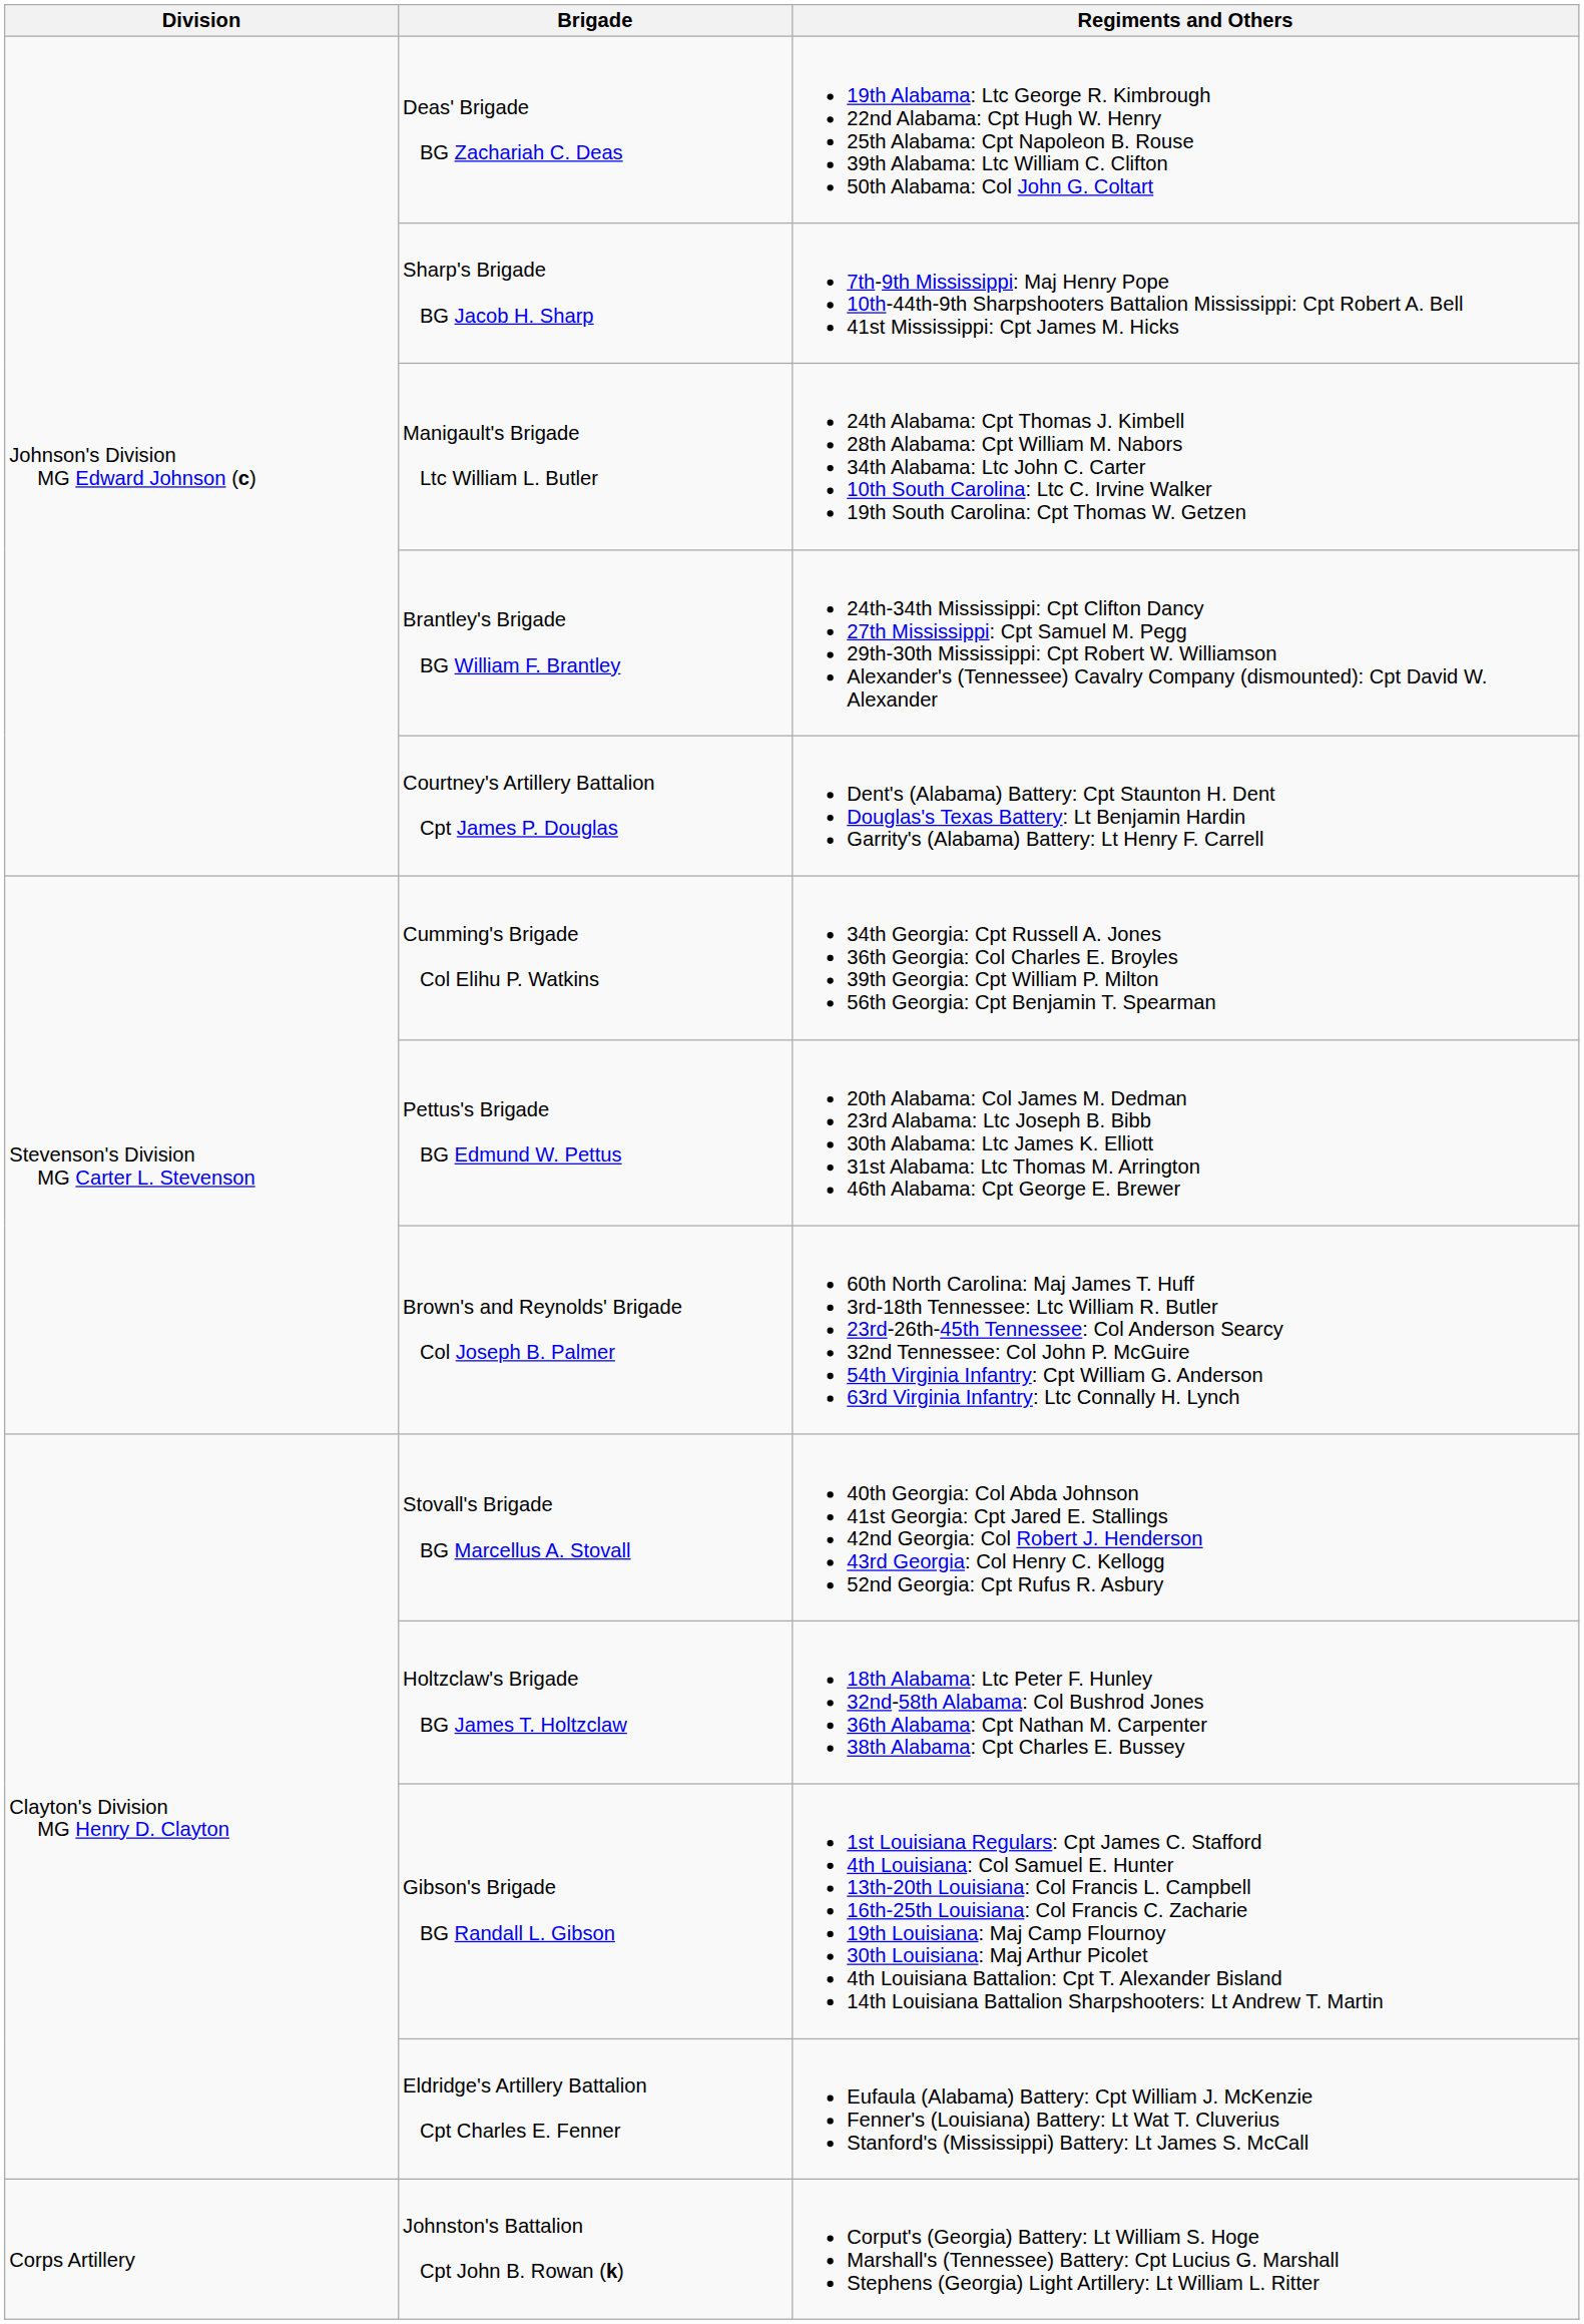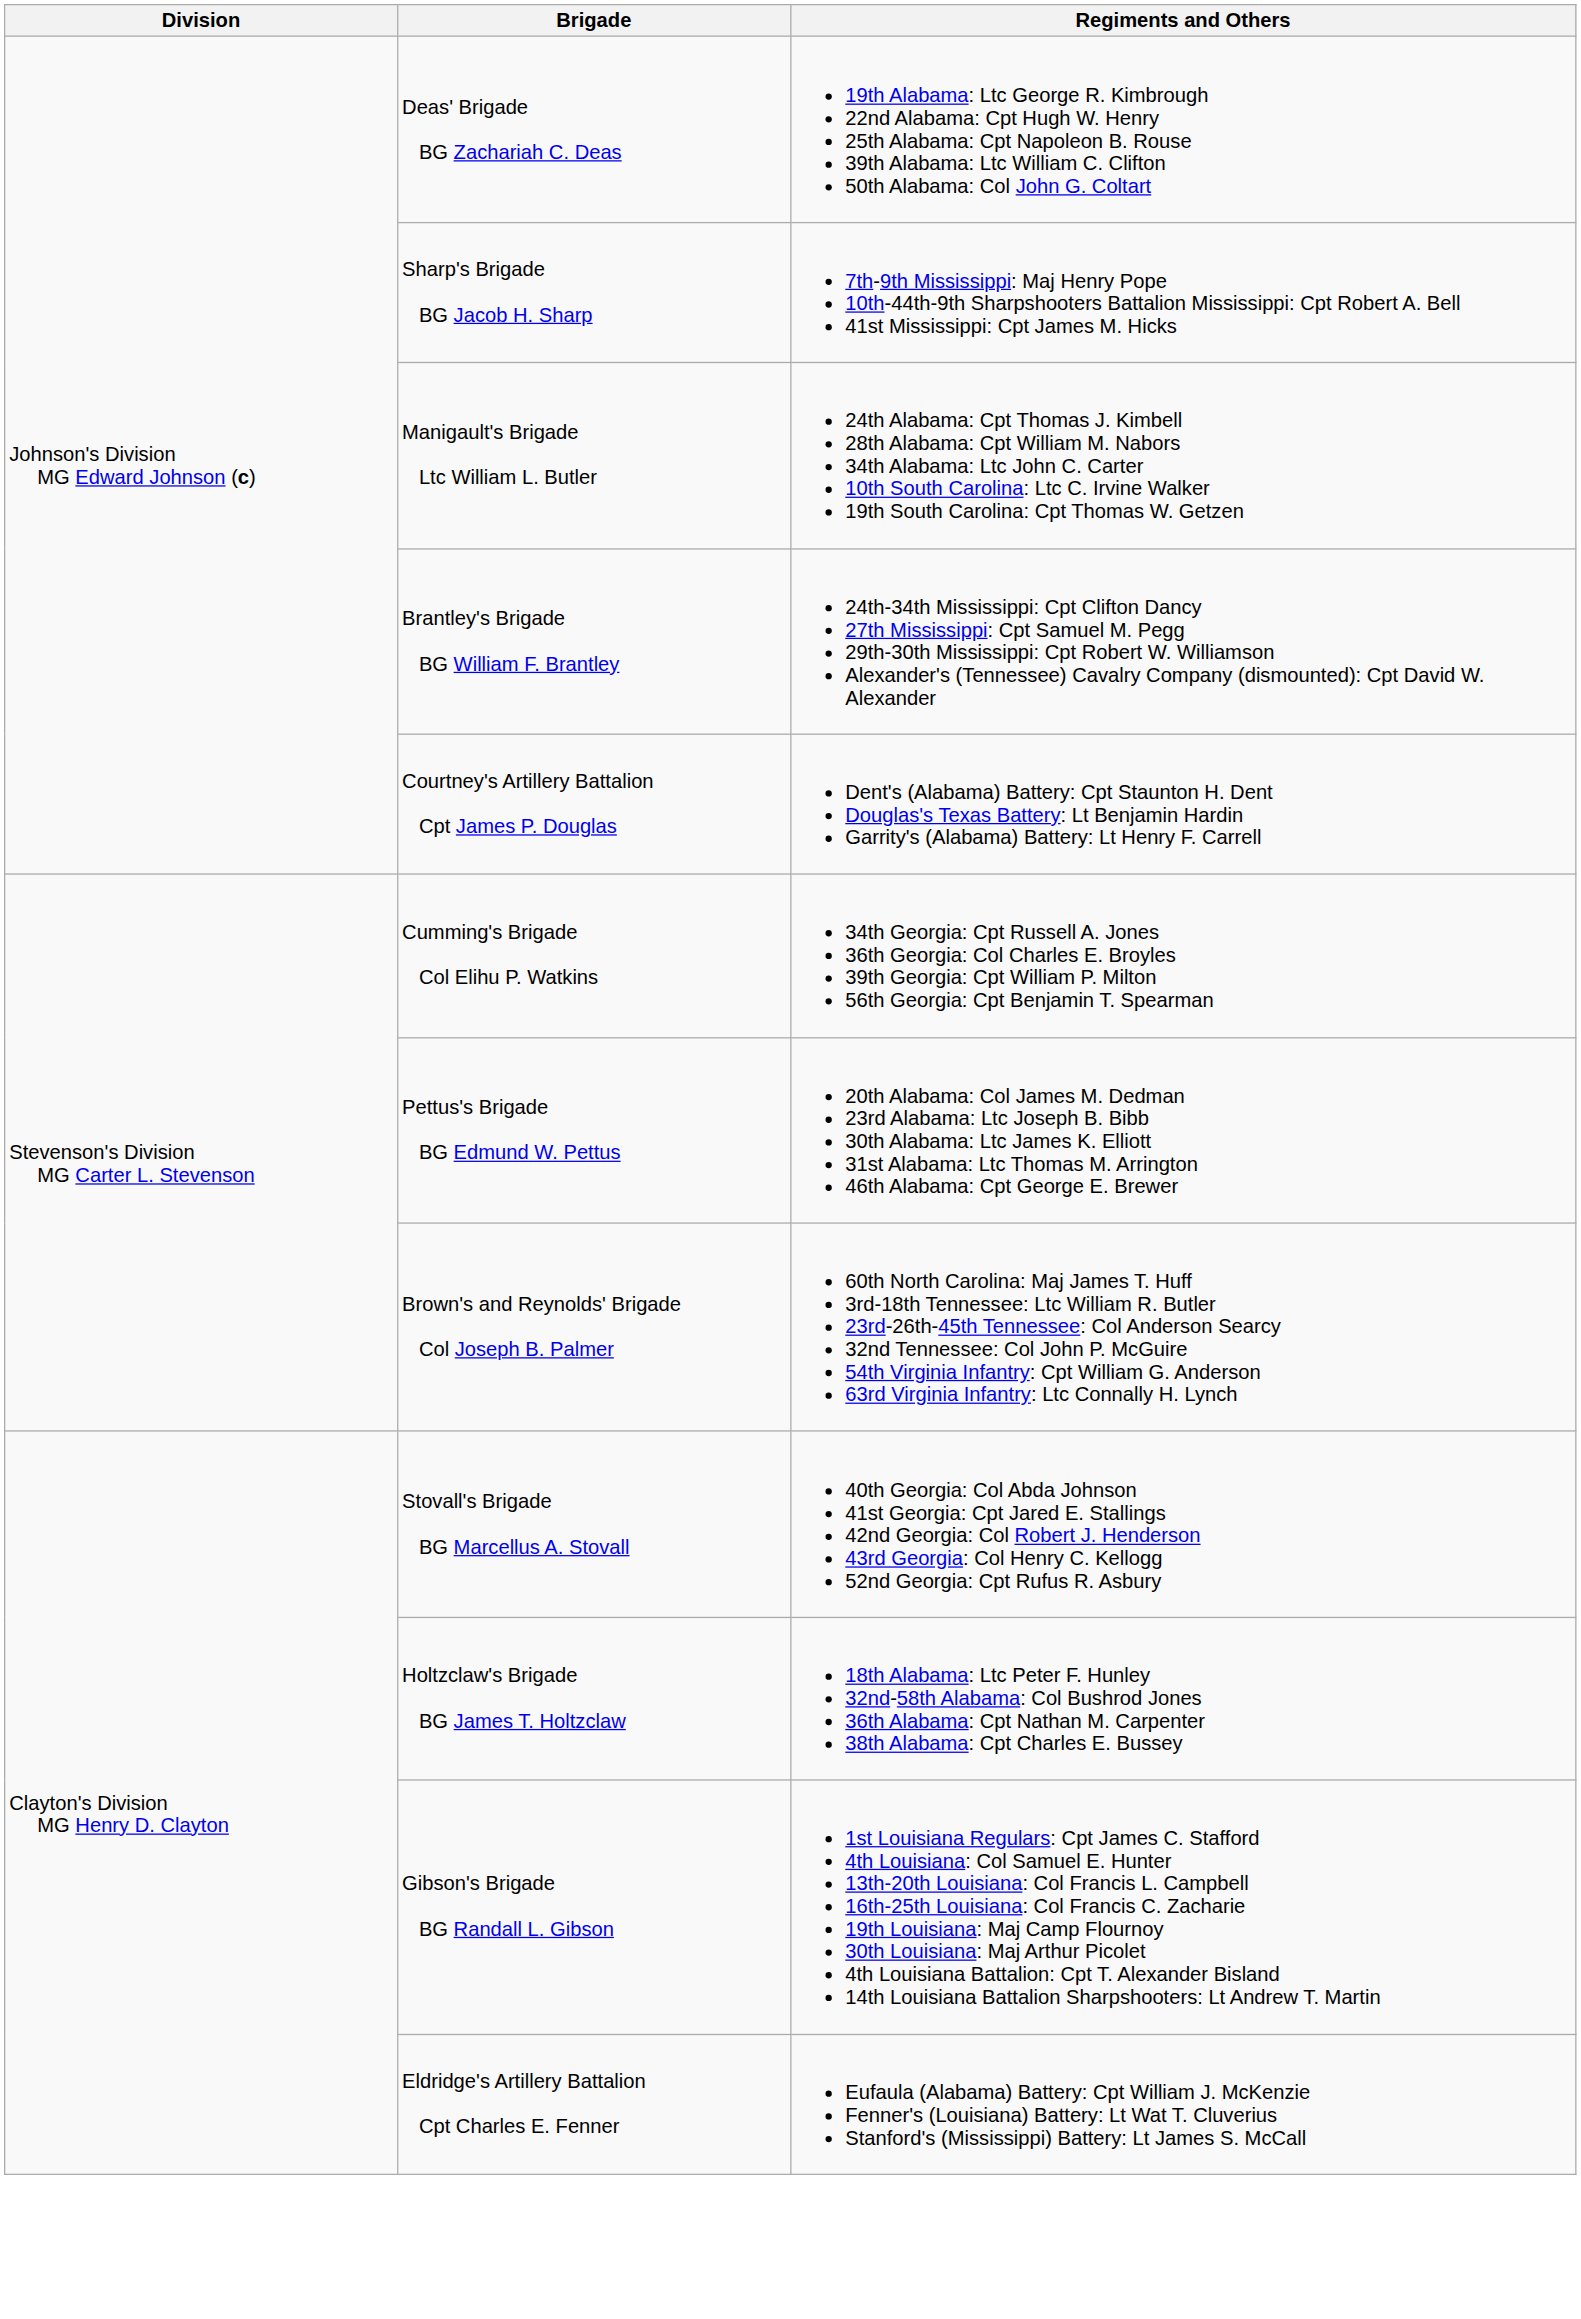 <table class="wikitable">
 <tr>
 <th width=25%>Division</th>
 <th width=25%>Brigade</th>
 <th>Regiments and Others</th>
 </tr>
 <tr>
 <td rowspan=5><br>Johnson's Division <br>     MG <a href='#'>Edward Johnson</a> (<strong>c</strong>)</td>
 <td>Deas' Brigade<br><br>   BG <a href='#'>Zachariah C. Deas</a></td>
 <td><br><ul><li><a href='#'>19th Alabama</a>: Ltc George R. Kimbrough</li><li>22nd Alabama: Cpt Hugh W. Henry</li><li>25th Alabama: Cpt Napoleon B. Rouse</li><li>39th Alabama: Ltc William C. Clifton</li><li>50th Alabama: Col <a href='#'>John G. Coltart</a></li></ul></td>
 </tr>
 <tr>
 <td>Sharp's Brigade<br><br>   BG <a href='#'>Jacob H. Sharp</a></td>
 <td><br><ul><li><a href='#'>7th</a>-<a href='#'>9th Mississippi</a>: Maj Henry Pope</li><li><a href='#'>10th</a>-44th-9th Sharpshooters Battalion Mississippi: Cpt Robert A. Bell</li><li>41st Mississippi: Cpt James M. Hicks</li></ul></td>
 </tr>
 <tr>
 <td>Manigault's Brigade<br><br>   Ltc William L. Butler</td>
 <td><br><ul><li>24th Alabama: Cpt Thomas J. Kimbell</li><li>28th Alabama: Cpt William M. Nabors</li><li>34th Alabama: Ltc John C. Carter</li><li><a href='#'>10th South Carolina</a>: Ltc C. Irvine Walker</li><li>19th South Carolina: Cpt Thomas W. Getzen</li></ul></td>
 </tr>
 <tr>
 <td>Brantley's Brigade<br><br>   BG <a href='#'>William F. Brantley</a></td>
 <td><br><ul><li>24th-34th Mississippi: Cpt Clifton Dancy</li><li><a href='#'>27th Mississippi</a>: Cpt Samuel M. Pegg</li><li>29th-30th Mississippi: Cpt Robert W. Williamson</li><li>Alexander's (Tennessee) Cavalry Company (dismounted): Cpt David W. Alexander</li></ul></td>
 </tr>
 <tr>
 <td>Courtney's Artillery Battalion<br><br>   Cpt <a href='#'>James P. Douglas</a></td>
 <td><br><ul><li>Dent's (Alabama) Battery: Cpt Staunton H. Dent</li><li><a href='#'>Douglas's Texas Battery</a>: Lt Benjamin Hardin</li><li>Garrity's (Alabama) Battery: Lt Henry F. Carrell</li></ul></td>
 </tr>
 <tr>
 <td rowspan=3><br>Stevenson's Division <br>     MG <a href='#'>Carter L. Stevenson</a></td>
 <td>Cumming's Brigade<br><br>   Col Elihu P. Watkins</td>
 <td><br><ul><li>34th Georgia: Cpt Russell A. Jones</li><li>36th Georgia: Col Charles E. Broyles</li><li>39th Georgia: Cpt William P. Milton</li><li>56th Georgia: Cpt Benjamin T. Spearman</li></ul></td>
 </tr>
 <tr>
 <td>Pettus's Brigade<br><br>   BG <a href='#'>Edmund W. Pettus</a></td>
 <td><br><ul><li>20th Alabama: Col James M. Dedman</li><li>23rd Alabama: Ltc Joseph B. Bibb</li><li>30th Alabama: Ltc James K. Elliott</li><li>31st Alabama: Ltc Thomas M. Arrington</li><li>46th Alabama: Cpt George E. Brewer</li></ul></td>
 </tr>
 <tr>
 <td>Brown's and Reynolds' Brigade<br><br>   Col <a href='#'>Joseph B. Palmer</a></td>
 <td><br><ul><li>60th North Carolina: Maj James T. Huff</li><li>3rd-18th Tennessee: Ltc William R. Butler</li><li><a href='#'>23rd</a>-26th-<a href='#'>45th Tennessee</a>: Col Anderson Searcy</li><li>32nd Tennessee: Col John P. McGuire</li><li><a href='#'>54th Virginia Infantry</a>: Cpt William G. Anderson</li><li><a href='#'>63rd Virginia Infantry</a>: Ltc Connally H. Lynch</li></ul></td>
 </tr>
 <tr>
 <td rowspan=4><br>Clayton's Division <br>     MG <a href='#'>Henry D. Clayton</a></td>
 <td>Stovall's Brigade<br><br>   BG <a href='#'>Marcellus A. Stovall</a></td>
 <td><br><ul><li>40th Georgia: Col Abda Johnson</li><li>41st Georgia: Cpt Jared E. Stallings</li><li>42nd Georgia: Col <a href='#'>Robert J. Henderson</a></li><li><a href='#'>43rd Georgia</a>: Col Henry C. Kellogg</li><li>52nd Georgia: Cpt Rufus R. Asbury</li></ul></td>
 </tr>
 <tr>
 <td>Holtzclaw's Brigade<br><br>   BG <a href='#'>James T. Holtzclaw</a></td>
 <td><br><ul><li><a href='#'>18th Alabama</a>: Ltc Peter F. Hunley</li><li><a href='#'>32nd</a>-<a href='#'>58th Alabama</a>: Col Bushrod Jones</li><li><a href='#'>36th Alabama</a>: Cpt Nathan M. Carpenter</li><li><a href='#'>38th Alabama</a>: Cpt Charles E. Bussey</li></ul></td>
 </tr>
 <tr>
 <td>Gibson's Brigade<br><br>   BG <a href='#'>Randall L. Gibson</a></td>
 <td><br><ul><li><a href='#'>1st Louisiana Regulars</a>: Cpt James C. Stafford</li><li><a href='#'>4th Louisiana</a>: Col Samuel E. Hunter</li><li><a href='#'>13th-20th Louisiana</a>: Col Francis L. Campbell</li><li><a href='#'>16th-25th Louisiana</a>: Col Francis C. Zacharie</li><li><a href='#'>19th Louisiana</a>: Maj Camp Flournoy</li><li><a href='#'>30th Louisiana</a>: Maj Arthur Picolet</li><li>4th Louisiana Battalion: Cpt T. Alexander Bisland</li><li>14th Louisiana Battalion Sharpshooters: Lt Andrew T. Martin</li></ul></td>
 </tr>
 <tr>
 <td>Eldridge's Artillery Battalion<br><br>   Cpt Charles E. Fenner</td>
 <td><br><ul><li>Eufaula (Alabama) Battery: Cpt William J. McKenzie</li><li>Fenner's (Louisiana) Battery: Lt Wat T. Cluverius</li><li>Stanford's (Mississippi) Battery: Lt James S. McCall</li></ul></td>
 </tr>
-<tr>
-<td rowspan=1><br>Corps Artillery</td>
-<td>Johnston's Battalion<br><br>   Cpt John B. Rowan (<strong>k</strong>)</td>
-<td><br><ul><li>Corput's (Georgia) Battery: Lt William S. Hoge</li><li>Marshall's (Tennessee) Battery: Cpt Lucius G. Marshall</li><li>Stephens (Georgia) Light Artillery: Lt William L. Ritter</li></ul></td>
-</tr>
 </table>
